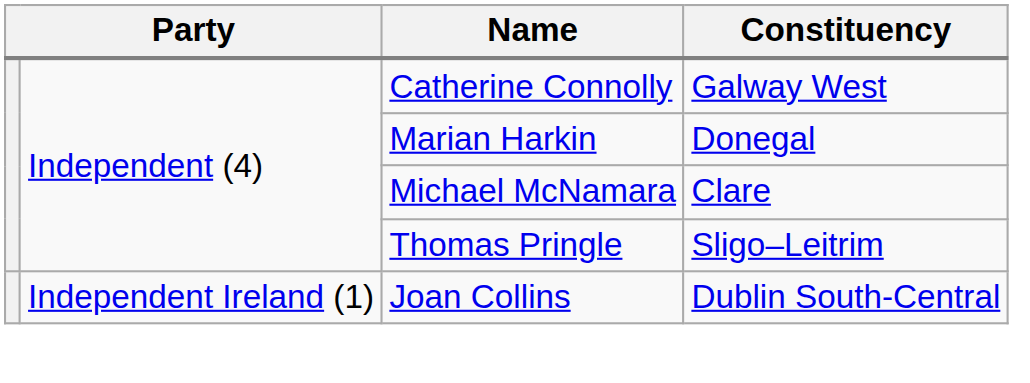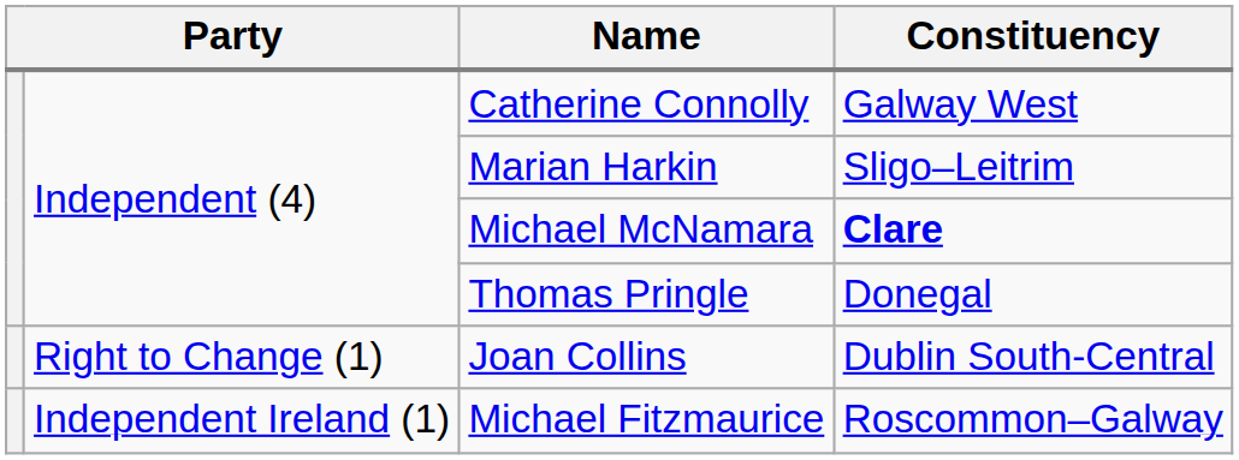 <table class="wikitable sortable">
 <tr style="border-bottom: 2px solid gray;">
 <th colspan=2>Party</th>
 <th>Name</th>
 <th>Constituency</th>
 </tr>
 <tr>
 <th rowspan=4 style="background-color:"></th>
 <td rowspan=4><a href='#'>Independent</a> (4)</td>
 <td><a href='#'>Catherine Connolly</a></td>
 <td><a href='#'>Galway West</a></td>
 </tr>
 <tr>
 <td><a href='#'>Marian Harkin</a></td>
+<td><a href='#'>Sligo–Leitrim</a></td>
+</tr>
+<tr>
+<td><a href='#'>Michael McNamara</a></td>
+<td><strong><a href='#'>Clare</a></strong></td>
+</tr>
+<tr>
+<td><a href='#'>Thomas Pringle</a></td>
 <td><a href='#'>Donegal</a></td>
 </tr>
 <tr>
-<td><a href='#'>Michael McNamara</a></td>
-<td><a href='#'>Clare</a></td>
-</tr>
-<tr>
-<td><a href='#'>Thomas Pringle</a></td>
-<td><a href='#'>Sligo–Leitrim</a></td>
+<th rowspan=1 style="background-color:"></th>
+<td><a href='#'>Right to Change</a> (1)</td>
+<td><a href='#'>Joan Collins</a></td>
+<td><a href='#'>Dublin South-Central</a></td>
 </tr>
 <tr>
 <th rowspan=1 style="background-color:"></th>
 <td><a href='#'>Independent Ireland</a> (1)</td>
-<td><a href='#'>Joan Collins</a></td>
-<td><a href='#'>Dublin South-Central</a></td>
+<td><a href='#'>Michael Fitzmaurice</a></td>
+<td><a href='#'>Roscommon–Galway</a></td>
 </tr>
 </table>
